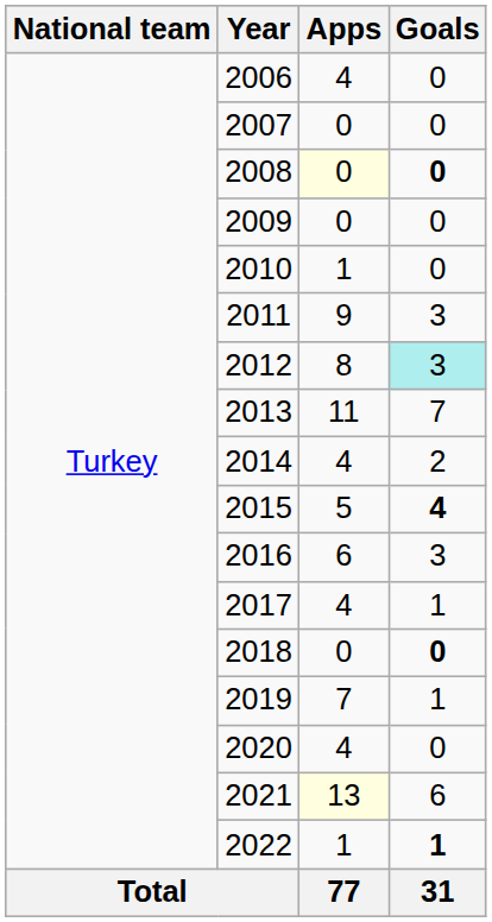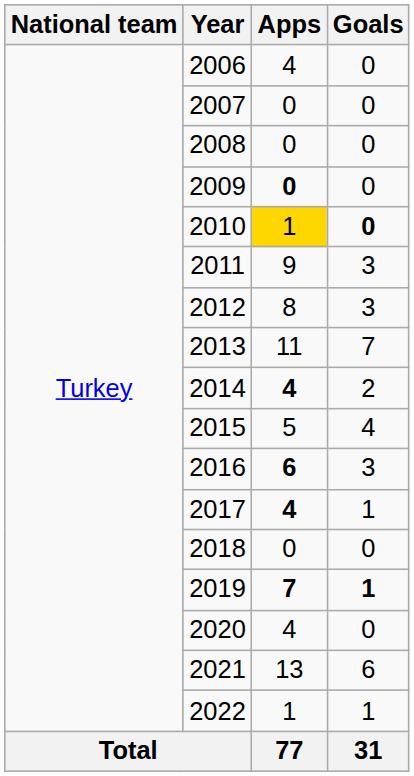 <table class="wikitable" style="text-align:center">
 <tr>
 <th>National team</th>
 <th>Year</th>
 <th>Apps</th>
 <th>Goals</th>
 </tr>
 <tr>
 <td rowspan="17"><a href='#'>Turkey</a></td>
 <td>2006</td>
 <td>4</td>
 <td>0</td>
 </tr>
 <tr>
 <td>2007</td>
 <td>0</td>
 <td>0</td>
 </tr>
 <tr>
 <td>2008</td>
-<td style="background: lightyellow;">0</td>
-<td><strong>0</strong></td>
-</tr>
-<tr>
-<td>2009</td>
 <td>0</td>
 <td>0</td>
 </tr>
 <tr>
+<td>2009</td>
+<td><strong>0</strong></td>
+<td>0</td>
+</tr>
+<tr>
 <td>2010</td>
-<td>1</td>
-<td>0</td>
+<td style="background: gold;">1</td>
+<td><strong>0</strong></td>
 </tr>
 <tr>
 <td>2011</td>
 <td>9</td>
 <td>3</td>
 </tr>
 <tr>
 <td>2012</td>
 <td>8</td>
-<td style="background: paleturquoise;">3</td>
+<td>3</td>
 </tr>
 <tr>
 <td>2013</td>
 <td>11</td>
 <td>7</td>
 </tr>
 <tr>
 <td>2014</td>
-<td>4</td>
+<td><strong>4</strong></td>
 <td>2</td>
 </tr>
 <tr>
 <td>2015</td>
 <td>5</td>
-<td><strong>4</strong></td>
+<td>4</td>
 </tr>
 <tr>
 <td>2016</td>
-<td>6</td>
+<td><strong>6</strong></td>
 <td>3</td>
 </tr>
 <tr>
 <td>2017</td>
-<td>4</td>
+<td><strong>4</strong></td>
 <td>1</td>
 </tr>
 <tr>
 <td>2018</td>
 <td>0</td>
-<td><strong>0</strong></td>
+<td>0</td>
 </tr>
 <tr>
 <td>2019</td>
-<td>7</td>
-<td>1</td>
+<td><strong>7</strong></td>
+<td><strong>1</strong></td>
 </tr>
 <tr>
 <td>2020</td>
 <td>4</td>
 <td>0</td>
 </tr>
 <tr>
 <td>2021</td>
-<td style="background: lightyellow;">13</td>
+<td>13</td>
 <td>6</td>
 </tr>
 <tr>
 <td>2022</td>
 <td>1</td>
-<td><strong>1</strong></td>
+<td>1</td>
 </tr>
 <tr>
 <th colspan="2">Total</th>
 <th>77</th>
 <th>31</th>
 </tr>
 </table>
